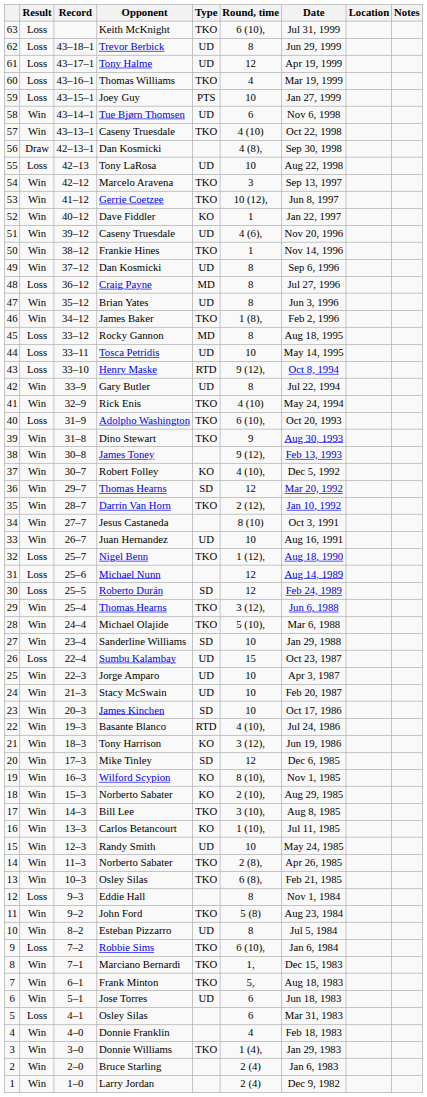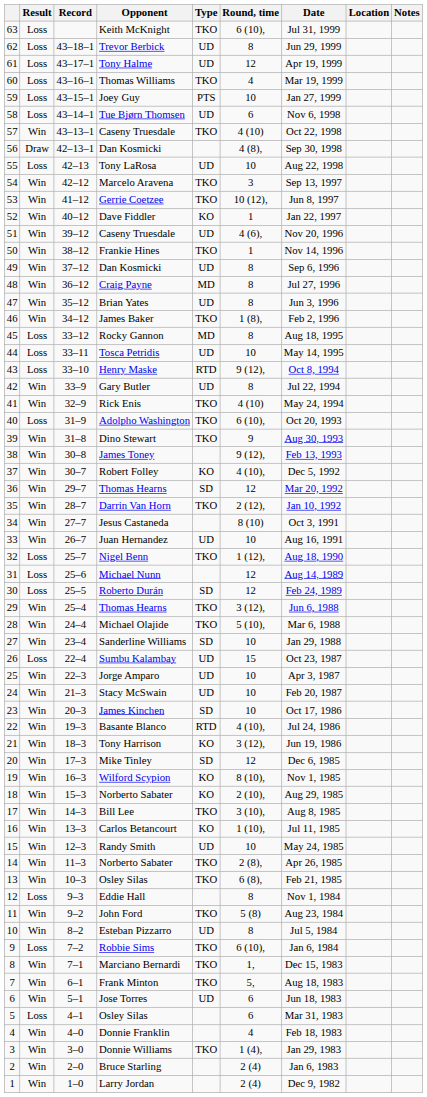 <table class="wikitable" style="text-align:center">
 <tr>
 <th></th>
 <th>Result</th>
 <th>Record</th>
 <th>Opponent</th>
 <th>Type</th>
 <th>Round, time</th>
 <th>Date</th>
 <th>Location</th>
 <th>Notes</th>
 </tr>
 <tr>
 <td>63</td>
 <td>Loss</td>
 <td></td>
 <td style="text-align:left;">Keith McKnight</td>
 <td>TKO</td>
 <td>6 (10), </td>
 <td>Jul 31, 1999</td>
 <td style="text-align:left;"></td>
 <td></td>
 </tr>
 <tr>
 <td>62</td>
 <td>Loss</td>
 <td>43–18–1</td>
 <td style="text-align:left;"><a href='#'>Trevor Berbick</a></td>
 <td>UD</td>
 <td>8</td>
 <td>Jun 29, 1999</td>
 <td style="text-align:left;"></td>
 <td></td>
 </tr>
 <tr>
 <td>61</td>
 <td>Loss</td>
 <td>43–17–1</td>
 <td style="text-align:left;"><a href='#'>Tony Halme</a></td>
 <td>UD</td>
 <td>12</td>
 <td>Apr 19, 1999</td>
 <td style="text-align:left;"></td>
 <td style="text-align:left;"></td>
 </tr>
 <tr>
 <td>60</td>
 <td>Loss</td>
 <td>43–16–1</td>
 <td style="text-align:left;">Thomas Williams</td>
 <td>TKO</td>
 <td>4</td>
 <td>Mar 19, 1999</td>
 <td style="text-align:left;"></td>
 <td></td>
 </tr>
 <tr>
 <td>59</td>
 <td>Loss</td>
 <td>43–15–1</td>
 <td style="text-align:left;">Joey Guy</td>
 <td>PTS</td>
 <td>10</td>
 <td>Jan 27, 1999</td>
 <td style="text-align:left;"></td>
 <td></td>
 </tr>
 <tr>
 <td>58</td>
-<td>Win</td>
+<td>Loss</td>
 <td>43–14–1</td>
 <td style="text-align:left;"><a href='#'>Tue Bjørn Thomsen</a></td>
 <td>UD</td>
 <td>6</td>
 <td>Nov 6, 1998</td>
 <td style="text-align:left;"></td>
 <td></td>
 </tr>
 <tr>
 <td>57</td>
 <td>Win</td>
 <td>43–13–1</td>
 <td style="text-align:left;">Caseny Truesdale</td>
 <td>TKO</td>
 <td>4 (10)</td>
 <td>Oct 22, 1998</td>
 <td style="text-align:left;"></td>
 <td></td>
 </tr>
 <tr>
 <td>56</td>
 <td>Draw</td>
 <td>42–13–1</td>
 <td style="text-align:left;">Dan Kosmicki</td>
 <td></td>
 <td>4 (8), </td>
 <td>Sep 30, 1998</td>
 <td style="text-align:left;"></td>
 <td></td>
 </tr>
 <tr>
 <td>55</td>
 <td>Loss</td>
 <td>42–13</td>
 <td style="text-align:left;">Tony LaRosa</td>
 <td>UD</td>
 <td>10</td>
 <td>Aug 22, 1998</td>
 <td style="text-align:left;"></td>
 <td></td>
 </tr>
 <tr>
 <td>54</td>
 <td>Win</td>
 <td>42–12</td>
 <td style="text-align:left;">Marcelo Aravena</td>
 <td>TKO</td>
 <td>3</td>
 <td>Sep 13, 1997</td>
 <td style="text-align:left;"></td>
 <td></td>
 </tr>
 <tr>
 <td>53</td>
 <td>Win</td>
 <td>41–12</td>
 <td style="text-align:left;"><a href='#'>Gerrie Coetzee</a></td>
 <td>TKO</td>
 <td>10 (12), </td>
 <td>Jun 8, 1997</td>
 <td style="text-align:left;"></td>
 <td></td>
 </tr>
 <tr>
 <td>52</td>
 <td>Win</td>
 <td>40–12</td>
 <td style="text-align:left;">Dave Fiddler</td>
 <td>KO</td>
 <td>1</td>
 <td>Jan 22, 1997</td>
 <td style="text-align:left;"></td>
 <td></td>
 </tr>
 <tr>
 <td>51</td>
 <td>Win</td>
 <td>39–12</td>
 <td style="text-align:left;">Caseny Truesdale</td>
 <td>UD</td>
 <td>4 (6), </td>
 <td>Nov 20, 1996</td>
 <td style="text-align:left;"></td>
 <td></td>
 </tr>
 <tr>
 <td>50</td>
 <td>Win</td>
 <td>38–12</td>
 <td style="text-align:left;">Frankie Hines</td>
 <td>TKO</td>
 <td>1</td>
 <td>Nov 14, 1996</td>
 <td style="text-align:left;"></td>
 <td></td>
 </tr>
 <tr>
 <td>49</td>
 <td>Win</td>
 <td>37–12</td>
 <td style="text-align:left;">Dan Kosmicki</td>
 <td>UD</td>
 <td>8</td>
 <td>Sep 6, 1996</td>
 <td style="text-align:left;"></td>
 <td></td>
 </tr>
 <tr>
 <td>48</td>
-<td>Loss</td>
+<td>Win</td>
 <td>36–12</td>
 <td style="text-align:left;"><a href='#'>Craig Payne</a></td>
 <td>MD</td>
 <td>8</td>
 <td>Jul 27, 1996</td>
 <td style="text-align:left;"></td>
 <td></td>
 </tr>
 <tr>
 <td>47</td>
 <td>Win</td>
 <td>35–12</td>
 <td style="text-align:left;">Brian Yates</td>
 <td>UD</td>
 <td>8</td>
 <td>Jun 3, 1996</td>
 <td style="text-align:left;"></td>
 <td></td>
 </tr>
 <tr>
 <td>46</td>
 <td>Win</td>
 <td>34–12</td>
 <td style="text-align:left;">James Baker</td>
 <td>TKO</td>
 <td>1 (8), </td>
 <td>Feb 2, 1996</td>
 <td style="text-align:left;"></td>
 <td></td>
 </tr>
 <tr>
 <td>45</td>
 <td>Loss</td>
 <td>33–12</td>
 <td style="text-align:left;">Rocky Gannon</td>
 <td>MD</td>
 <td>8</td>
 <td>Aug 18, 1995</td>
 <td style="text-align:left;"></td>
 <td></td>
 </tr>
 <tr>
 <td>44</td>
 <td>Loss</td>
 <td>33–11</td>
 <td style="text-align:left;"><a href='#'>Tosca Petridis</a></td>
 <td>UD</td>
 <td>10</td>
 <td>May 14, 1995</td>
 <td style="text-align:left;"></td>
 <td></td>
 </tr>
 <tr>
 <td>43</td>
 <td>Loss</td>
 <td>33–10</td>
 <td style="text-align:left;"><a href='#'>Henry Maske</a></td>
 <td>RTD</td>
 <td>9 (12), </td>
 <td><a href='#'>Oct 8, 1994</a></td>
 <td style="text-align:left;"></td>
 <td style="text-align:left;"></td>
 </tr>
 <tr>
 <td>42</td>
 <td>Win</td>
 <td>33–9</td>
 <td style="text-align:left;">Gary Butler</td>
 <td>UD</td>
 <td>8</td>
 <td>Jul 22, 1994</td>
 <td style="text-align:left;"></td>
 <td></td>
 </tr>
 <tr>
 <td>41</td>
 <td>Win</td>
 <td>32–9</td>
 <td style="text-align:left;">Rick Enis</td>
 <td>TKO</td>
 <td>4 (10)</td>
 <td>May 24, 1994</td>
 <td style="text-align:left;"></td>
 <td></td>
 </tr>
 <tr>
 <td>40</td>
 <td>Loss</td>
 <td>31–9</td>
 <td style="text-align:left;"><a href='#'>Adolpho Washington</a></td>
 <td>TKO</td>
 <td>6 (10), </td>
 <td>Oct 20, 1993</td>
 <td style="text-align:left;"></td>
 <td></td>
 </tr>
 <tr>
 <td>39</td>
 <td>Win</td>
 <td>31–8</td>
 <td style="text-align:left;">Dino Stewart</td>
 <td>TKO</td>
 <td>9</td>
 <td><a href='#'>Aug 30, 1993</a></td>
 <td style="text-align:left;"></td>
 <td></td>
 </tr>
 <tr>
 <td>38</td>
 <td>Win</td>
 <td>30–8</td>
 <td style="text-align:left;"><a href='#'>James Toney</a></td>
 <td></td>
 <td>9 (12), </td>
 <td><a href='#'>Feb 13, 1993</a></td>
 <td style="text-align:left;"></td>
 <td style="text-align:left;"></td>
 </tr>
 <tr>
 <td>37</td>
 <td>Win</td>
 <td>30–7</td>
 <td style="text-align:left;">Robert Folley</td>
 <td>KO</td>
 <td>4 (10), </td>
 <td>Dec 5, 1992</td>
 <td style="text-align:left;"></td>
 <td></td>
 </tr>
 <tr>
 <td>36</td>
 <td>Win</td>
 <td>29–7</td>
 <td style="text-align:left;"><a href='#'>Thomas Hearns</a></td>
 <td>SD</td>
 <td>12</td>
 <td><a href='#'>Mar 20, 1992</a></td>
 <td style="text-align:left;"></td>
 <td style="text-align:left;"></td>
 </tr>
 <tr>
 <td>35</td>
 <td>Win</td>
 <td>28–7</td>
 <td style="text-align:left;"><a href='#'>Darrin Van Horn</a></td>
 <td>TKO</td>
 <td>2 (12), </td>
 <td><a href='#'>Jan 10, 1992</a></td>
 <td style="text-align:left;"></td>
 <td style="text-align:left;"></td>
 </tr>
 <tr>
 <td>34</td>
 <td>Win</td>
 <td>27–7</td>
 <td style="text-align:left;">Jesus Castaneda</td>
 <td></td>
 <td>8 (10)</td>
 <td>Oct 3, 1991</td>
 <td style="text-align:left;"></td>
 <td style="text-align:left;"></td>
 </tr>
 <tr>
 <td>33</td>
 <td>Win</td>
 <td>26–7</td>
 <td style="text-align:left;">Juan Hernandez</td>
 <td>UD</td>
 <td>10</td>
 <td>Aug 16, 1991</td>
 <td style="text-align:left;"></td>
 <td></td>
 </tr>
 <tr>
 <td>32</td>
 <td>Loss</td>
 <td>25–7</td>
 <td style="text-align:left;"><a href='#'>Nigel Benn</a></td>
 <td>TKO</td>
 <td>1 (12), </td>
 <td><a href='#'>Aug 18, 1990</a></td>
 <td style="text-align:left;"></td>
 <td style="text-align:left;"></td>
 </tr>
 <tr>
 <td>31</td>
 <td>Loss</td>
 <td>25–6</td>
 <td style="text-align:left;"><a href='#'>Michael Nunn</a></td>
 <td></td>
 <td>12</td>
 <td><a href='#'>Aug 14, 1989</a></td>
 <td style="text-align:left;"></td>
 <td style="text-align:left;"></td>
 </tr>
 <tr>
 <td>30</td>
 <td>Loss</td>
 <td>25–5</td>
 <td style="text-align:left;"><a href='#'>Roberto Durán</a></td>
 <td>SD</td>
 <td>12</td>
 <td><a href='#'>Feb 24, 1989</a></td>
 <td style="text-align:left;"></td>
 <td style="text-align:left;"></td>
 </tr>
 <tr>
 <td>29</td>
 <td>Win</td>
 <td>25–4</td>
 <td style="text-align:left;"><a href='#'>Thomas Hearns</a></td>
 <td>TKO</td>
 <td>3 (12), </td>
 <td><a href='#'>Jun 6, 1988</a></td>
 <td style="text-align:left;"></td>
 <td style="text-align:left;"></td>
 </tr>
 <tr>
 <td>28</td>
 <td>Win</td>
 <td>24–4</td>
 <td style="text-align:left;">Michael Olajide</td>
 <td>TKO</td>
 <td>5 (10), </td>
 <td>Mar 6, 1988</td>
 <td style="text-align:left;"></td>
 <td></td>
 </tr>
 <tr>
 <td>27</td>
 <td>Win</td>
 <td>23–4</td>
 <td style="text-align:left;">Sanderline Williams</td>
 <td>SD</td>
 <td>10</td>
 <td>Jan 29, 1988</td>
 <td style="text-align:left;"></td>
 <td></td>
 </tr>
 <tr>
 <td>26</td>
 <td>Loss</td>
 <td>22–4</td>
 <td style="text-align:left;"><a href='#'>Sumbu Kalambay</a></td>
 <td>UD</td>
 <td>15</td>
 <td>Oct 23, 1987</td>
 <td style="text-align:left;"></td>
 <td style="text-align:left;"></td>
 </tr>
 <tr>
 <td>25</td>
 <td>Win</td>
 <td>22–3</td>
 <td style="text-align:left;">Jorge Amparo</td>
 <td>UD</td>
 <td>10</td>
 <td>Apr 3, 1987</td>
 <td style="text-align:left;"></td>
 <td></td>
 </tr>
 <tr>
 <td>24</td>
 <td>Win</td>
 <td>21–3</td>
 <td style="text-align:left;">Stacy McSwain</td>
 <td>UD</td>
 <td>10</td>
 <td>Feb 20, 1987</td>
 <td style="text-align:left;"></td>
 <td></td>
 </tr>
 <tr>
 <td>23</td>
 <td>Win</td>
 <td>20–3</td>
 <td style="text-align:left;"><a href='#'>James Kinchen</a></td>
 <td>SD</td>
 <td>10</td>
 <td>Oct 17, 1986</td>
 <td style="text-align:left;"></td>
 <td></td>
 </tr>
 <tr>
 <td>22</td>
 <td>Win</td>
 <td>19–3</td>
 <td style="text-align:left;">Basante Blanco</td>
 <td>RTD</td>
 <td>4 (10), </td>
 <td>Jul 24, 1986</td>
 <td style="text-align:left;"></td>
 <td></td>
 </tr>
 <tr>
 <td>21</td>
 <td>Win</td>
 <td>18–3</td>
 <td style="text-align:left;">Tony Harrison</td>
 <td>KO</td>
 <td>3 (12), </td>
 <td>Jun 19, 1986</td>
 <td style="text-align:left;"></td>
 <td style="text-align:left;"></td>
 </tr>
 <tr>
 <td>20</td>
 <td>Win</td>
 <td>17–3</td>
 <td style="text-align:left;">Mike Tinley</td>
 <td>SD</td>
 <td>12</td>
 <td>Dec 6, 1985</td>
 <td style="text-align:left;"></td>
 <td style="text-align:left;"></td>
 </tr>
 <tr>
 <td>19</td>
 <td>Win</td>
 <td>16–3</td>
 <td style="text-align:left;"><a href='#'>Wilford Scypion</a></td>
 <td>KO</td>
 <td>8 (10), </td>
 <td>Nov 1, 1985</td>
 <td style="text-align:left;"></td>
 <td></td>
 </tr>
 <tr>
 <td>18</td>
 <td>Win</td>
 <td>15–3</td>
 <td style="text-align:left;">Norberto Sabater</td>
 <td>KO</td>
 <td>2 (10), </td>
 <td>Aug 29, 1985</td>
 <td style="text-align:left;"></td>
 <td></td>
 </tr>
 <tr>
 <td>17</td>
 <td>Win</td>
 <td>14–3</td>
 <td style="text-align:left;">Bill Lee</td>
 <td>TKO</td>
 <td>3 (10), </td>
 <td>Aug 8, 1985</td>
 <td style="text-align:left;"></td>
 <td></td>
 </tr>
 <tr>
 <td>16</td>
 <td>Win</td>
 <td>13–3</td>
 <td style="text-align:left;">Carlos Betancourt</td>
 <td>KO</td>
 <td>1 (10), </td>
 <td>Jul 11, 1985</td>
 <td style="text-align:left;"></td>
 <td></td>
 </tr>
 <tr>
 <td>15</td>
 <td>Win</td>
 <td>12–3</td>
 <td style="text-align:left;">Randy Smith</td>
 <td>UD</td>
 <td>10</td>
 <td>May 24, 1985</td>
 <td style="text-align:left;"></td>
 <td></td>
 </tr>
 <tr>
 <td>14</td>
 <td>Win</td>
 <td>11–3</td>
 <td style="text-align:left;">Norberto Sabater</td>
 <td>TKO</td>
 <td>2 (8), </td>
 <td>Apr 26, 1985</td>
 <td style="text-align:left;"></td>
 <td></td>
 </tr>
 <tr>
 <td>13</td>
 <td>Win</td>
 <td>10–3</td>
 <td style="text-align:left;">Osley Silas</td>
 <td>TKO</td>
 <td>6 (8), </td>
 <td>Feb 21, 1985</td>
 <td style="text-align:left;"></td>
 <td></td>
 </tr>
 <tr>
 <td>12</td>
 <td>Loss</td>
 <td>9–3</td>
 <td style="text-align:left;">Eddie Hall</td>
 <td></td>
 <td>8</td>
 <td>Nov 1, 1984</td>
 <td style="text-align:left;"></td>
 <td></td>
 </tr>
 <tr>
 <td>11</td>
 <td>Win</td>
 <td>9–2</td>
 <td style="text-align:left;">John Ford</td>
 <td>TKO</td>
 <td>5 (8)</td>
 <td>Aug 23, 1984</td>
 <td style="text-align:left;"></td>
 <td></td>
 </tr>
 <tr>
 <td>10</td>
 <td>Win</td>
 <td>8–2</td>
 <td style="text-align:left;">Esteban Pizzarro</td>
 <td>UD</td>
 <td>8</td>
 <td>Jul 5, 1984</td>
 <td style="text-align:left;"></td>
 <td></td>
 </tr>
 <tr>
 <td>9</td>
 <td>Loss</td>
 <td>7–2</td>
 <td style="text-align:left;"><a href='#'>Robbie Sims</a></td>
 <td>TKO</td>
 <td>6 (10), </td>
 <td>Jan 6, 1984</td>
 <td style="text-align:left;"></td>
 <td></td>
 </tr>
 <tr>
 <td>8</td>
 <td>Win</td>
 <td>7–1</td>
 <td style="text-align:left;">Marciano Bernardi</td>
 <td>TKO</td>
 <td>1, </td>
 <td>Dec 15, 1983</td>
 <td style="text-align:left;"></td>
 <td></td>
 </tr>
 <tr>
 <td>7</td>
 <td>Win</td>
 <td>6–1</td>
 <td style="text-align:left;">Frank Minton</td>
 <td>TKO</td>
 <td>5, </td>
 <td>Aug 18, 1983</td>
 <td style="text-align:left;"></td>
 <td></td>
 </tr>
 <tr>
 <td>6</td>
 <td>Win</td>
 <td>5–1</td>
 <td style="text-align:left;">Jose Torres</td>
 <td>UD</td>
 <td>6</td>
 <td>Jun 18, 1983</td>
 <td style="text-align:left;"></td>
 <td></td>
 </tr>
 <tr>
 <td>5</td>
 <td>Loss</td>
 <td>4–1</td>
 <td style="text-align:left;">Osley Silas</td>
 <td></td>
 <td>6</td>
 <td>Mar 31, 1983</td>
 <td style="text-align:left;"></td>
 <td></td>
 </tr>
 <tr>
 <td>4</td>
 <td>Win</td>
 <td>4–0</td>
 <td style="text-align:left;">Donnie Franklin</td>
 <td></td>
 <td>4</td>
 <td>Feb 18, 1983</td>
 <td style="text-align:left;"></td>
 <td></td>
 </tr>
 <tr>
 <td>3</td>
 <td>Win</td>
 <td>3–0</td>
 <td style="text-align:left;">Donnie Williams</td>
 <td>TKO</td>
 <td>1 (4), </td>
 <td>Jan 29, 1983</td>
 <td style="text-align:left;"></td>
 <td></td>
 </tr>
 <tr>
 <td>2</td>
 <td>Win</td>
 <td>2–0</td>
 <td style="text-align:left;">Bruce Starling</td>
 <td></td>
 <td>2 (4)</td>
 <td>Jan 6, 1983</td>
 <td style="text-align:left;"></td>
 <td></td>
 </tr>
 <tr>
 <td>1</td>
 <td>Win</td>
 <td>1–0</td>
 <td style="text-align:left;">Larry Jordan</td>
 <td></td>
 <td>2 (4)</td>
 <td>Dec 9, 1982</td>
 <td style="text-align:left;"></td>
 <td></td>
 </tr>
 </table>
